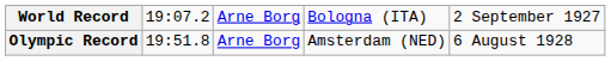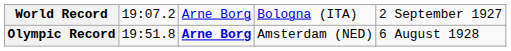 <table class="wikitable" style="font-size:95%;">
 <tr>
 <th>World Record</th>
 <td>19:07.2</td>
 <td> <a href='#'>Arne Borg</a></td>
 <td><a href='#'>Bologna</a> (ITA)</td>
 <td>2 September 1927</td>
 </tr>
 <tr>
 <th>Olympic Record</th>
 <td>19:51.8</td>
-<td> <a href='#'>Arne Borg</a></td>
+<td><strong> <a href='#'>Arne Borg</a></strong></td>
 <td>Amsterdam (NED)</td>
 <td>6 August 1928</td>
 </tr>
 </table>
